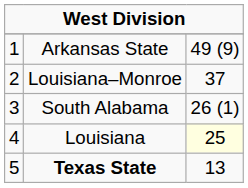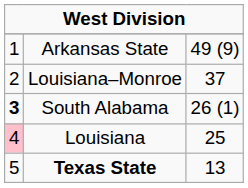 <table class="wikitable">
 <tr align="center">
 <td align="center" Colspan="3"><strong>West Division</strong></td>
 </tr>
 <tr align="center">
 </tr>
 <tr align="center">
 <td>1</td>
 <td>Arkansas State</td>
 <td>49 (9)</td>
 </tr>
 <tr align="center">
 <td>2</td>
 <td>Louisiana–Monroe</td>
 <td>37</td>
 </tr>
 <tr align="center">
-<td>3</td>
+<td><strong>3</strong></td>
 <td>South Alabama</td>
 <td>26 (1)</td>
 </tr>
 <tr align="center">
-<td>4</td>
+<td style="background: pink;">4</td>
 <td>Louisiana</td>
-<td style="background: lightyellow;">25</td>
+<td>25</td>
 </tr>
 <tr align="center">
 <td>5</td>
 <td><strong>Texas State</strong></td>
 <td>13</td>
 </tr>
 </table>
